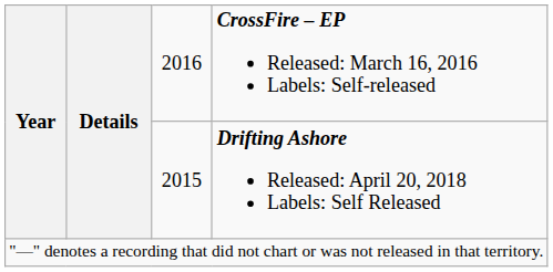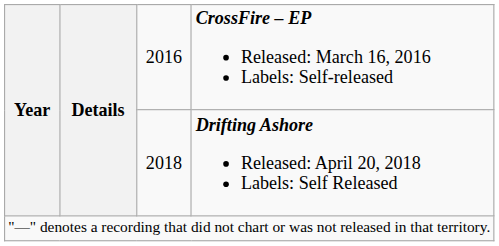 <table class="wikitable">
 <tr>
 <th rowspan="2">Year</th>
 <th rowspan="2">Details</th>
 <td style="text-align:center;">2016</td>
 <td><strong><em>CrossFire – EP</em></strong><br><ul><li>Released: March 16, 2016</li><li>Labels: Self-released</li></ul></td>
 </tr>
 <tr>
-<td style="text-align:center;">2015</td>
+<td style="text-align:center;">2018</td>
 <td><strong><em>Drifting Ashore</em></strong><br><ul><li>Released: April 20, 2018</li><li>Labels: Self Released</li></ul></td>
 </tr>
 <tr>
 <td colspan="6" style="text-align:center;font-size:85%;">"—" denotes a recording that did not chart or was not released in that territory.</td>
 </tr>
 </table>
